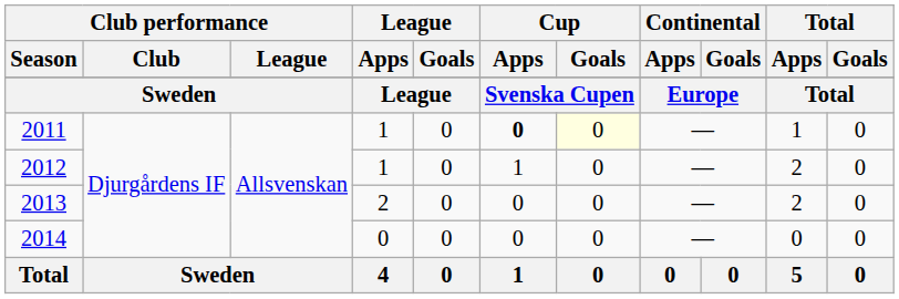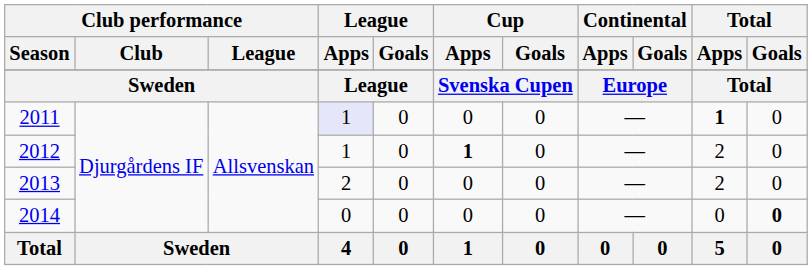 <table class="wikitable" style="text-align:center">
 <tr>
 <th colspan=3>Club performance</th>
 <th colspan=2>League</th>
 <th colspan=2>Cup</th>
 <th colspan=2>Continental</th>
 <th colspan=2>Total</th>
 </tr>
 <tr>
 <th>Season</th>
 <th>Club</th>
 <th>League</th>
 <th>Apps</th>
 <th>Goals</th>
 <th>Apps</th>
 <th>Goals</th>
 <th>Apps</th>
 <th>Goals</th>
 <th>Apps</th>
 <th>Goals</th>
 </tr>
 <tr>
 </tr>
 <tr>
 <th colspan=3>Sweden</th>
 <th colspan=2>League</th>
 <th colspan=2><a href='#'>Svenska Cupen</a></th>
 <th colspan=2><a href='#'>Europe</a></th>
 <th colspan=2>Total</th>
 </tr>
 <tr>
 <td><a href='#'>2011</a></td>
 <td rowspan="4"><a href='#'>Djurgårdens IF</a></td>
 <td rowspan="4"><a href='#'>Allsvenskan</a></td>
-<td>1</td>
+<td style="background: lavender;">1</td>
 <td>0</td>
-<td><strong>0</strong></td>
-<td style="background: lightyellow;">0</td>
+<td>0</td>
+<td>0</td>
 <td colspan="2">—</td>
-<td>1</td>
+<td><strong>1</strong></td>
 <td>0</td>
 </tr>
 <tr>
 <td><a href='#'>2012</a></td>
 <td>1</td>
 <td>0</td>
-<td>1</td>
+<td><strong>1</strong></td>
 <td>0</td>
 <td colspan="2">—</td>
 <td>2</td>
 <td>0</td>
 </tr>
 <tr>
 <td><a href='#'>2013</a></td>
 <td>2</td>
 <td>0</td>
 <td>0</td>
 <td>0</td>
 <td colspan="2">—</td>
 <td>2</td>
 <td>0</td>
 </tr>
 <tr>
 <td><a href='#'>2014</a></td>
 <td>0</td>
 <td>0</td>
 <td>0</td>
 <td>0</td>
 <td colspan="2">—</td>
 <td>0</td>
-<td>0</td>
+<td><strong>0</strong></td>
 </tr>
 <tr>
 <th rowspan=2>Total</th>
 <th colspan=2>Sweden</th>
 <th>4</th>
 <th>0</th>
 <th>1</th>
 <th>0</th>
 <th>0</th>
 <th>0</th>
 <th>5</th>
 <th>0</th>
 </tr>
 </table>
